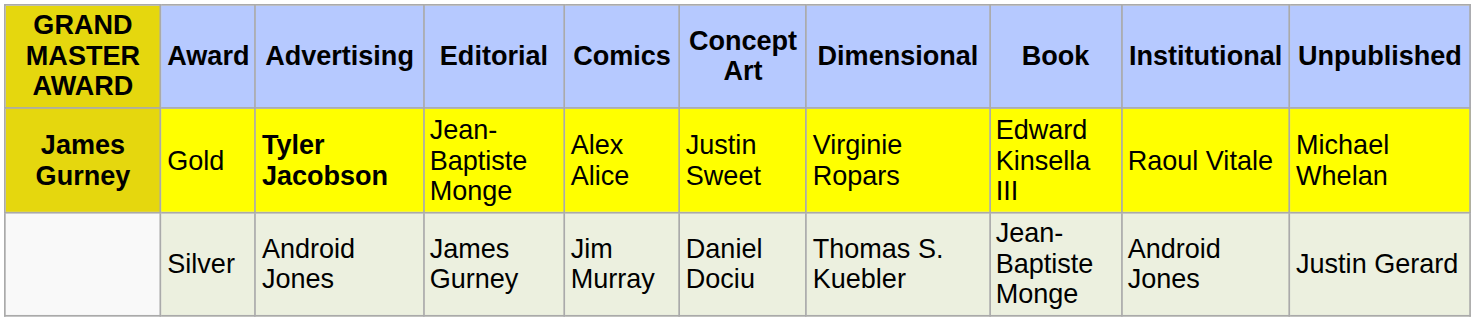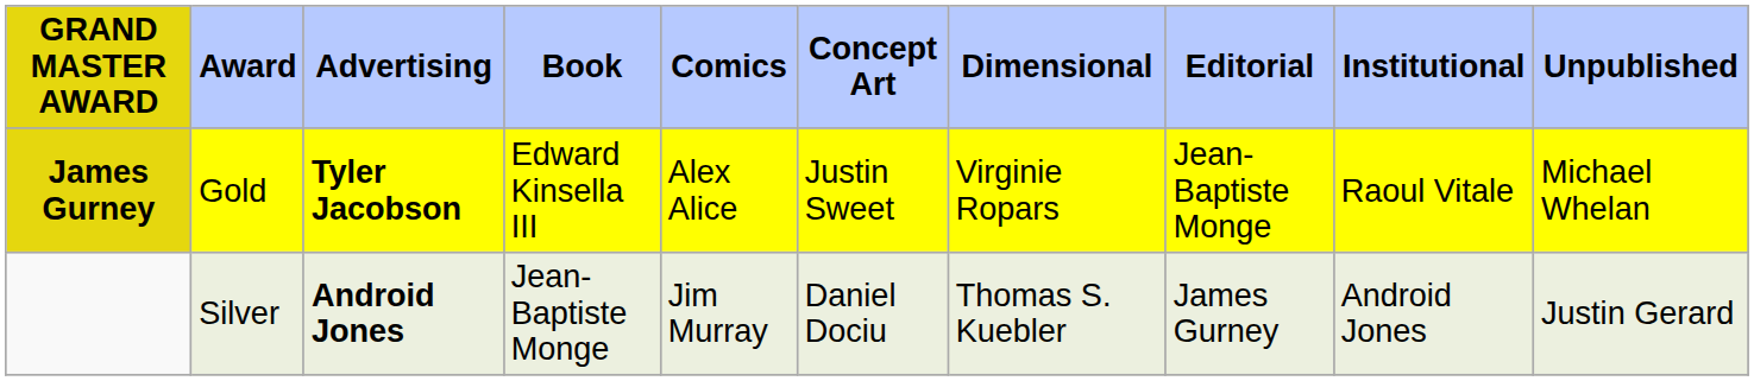 <table class="wikitable">
 <tr>
 <th style="background:#e5d70e">GRAND MASTER AWARD</th>
 <th style="background:#b6c9ff">Award</th>
 <th style="background:#b6c9ff">Advertising</th>
-<th style="background:#b6c9ff">Editorial</th>
+<th style="background:#b6c9ff">Book</th>
 <th style="background:#b6c9ff">Comics</th>
 <th style="background:#b6c9ff">Concept Art</th>
 <th style="background:#b6c9ff">Dimensional</th>
-<th style="background:#b6c9ff">Book</th>
+<th style="background:#b6c9ff">Editorial</th>
 <th style="background:#b6c9ff">Institutional</th>
 <th style="background:#b6c9ff">Unpublished</th>
 </tr>
 <tr>
 <td style="background:#e5d70e" align="center"><strong>James Gurney</strong></td>
 <td style="background:#ffff00">Gold</td>
 <td style="background:#ffff00"><strong>Tyler Jacobson</strong></td>
-<td style="background:#ffff00">Jean-Baptiste Monge</td>
+<td style="background:#ffff00">Edward Kinsella III</td>
 <td style="background:#ffff00">Alex Alice</td>
 <td style="background:#ffff00">Justin Sweet</td>
 <td style="background:#ffff00">Virginie Ropars</td>
-<td style="background:#ffff00">Edward Kinsella III</td>
+<td style="background:#ffff00">Jean-Baptiste Monge</td>
 <td style="background:#ffff00">Raoul Vitale</td>
 <td style="background:#ffff00">Michael Whelan</td>
 </tr>
 <tr>
 <td></td>
 <td style="background:#ecf0df">Silver</td>
-<td style="background:#ecf0df">Android Jones</td>
-<td style="background:#ecf0df">James Gurney</td>
+<td style="background:#ecf0df"><strong>Android Jones</strong></td>
+<td style="background:#ecf0df">Jean-Baptiste Monge</td>
 <td style="background:#ecf0df">Jim Murray</td>
 <td style="background:#ecf0df">Daniel Dociu</td>
 <td style="background:#ecf0df">Thomas S. Kuebler</td>
-<td style="background:#ecf0df">Jean-Baptiste Monge</td>
+<td style="background:#ecf0df">James Gurney</td>
 <td style="background:#ecf0df">Android Jones</td>
 <td style="background:#ecf0df">Justin Gerard</td>
 </tr>
 </table>
